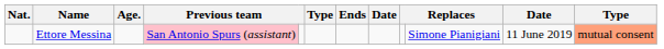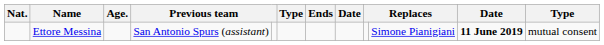 <table class="wikitable sortable">
 <tr>
 <th>Nat.</th>
 <th>Name</th>
 <th>Age.</th>
 <th colspan=2>Previous team</th>
 <th>Type</th>
 <th>Ends</th>
 <th>Date</th>
 <th colspan=2>Replaces</th>
 <th>Date</th>
 <th>Type</th>
 </tr>
 <tr>
 <td></td>
 <td><a href='#'>Ettore Messina</a></td>
 <td></td>
-<td style="background: pink;"><a href='#'>San Antonio Spurs</a> (<em>assistant</em>)</td>
+<td><a href='#'>San Antonio Spurs</a> (<em>assistant</em>)</td>
 <td></td>
 <td></td>
 <td></td>
 <td></td>
 <td></td>
 <td><a href='#'>Simone Pianigiani</a></td>
-<td>11 June 2019</td>
-<td style="background: lightsalmon;">mutual consent</td>
+<td><strong>11 June 2019</strong></td>
+<td>mutual consent</td>
 </tr>
 </table>
